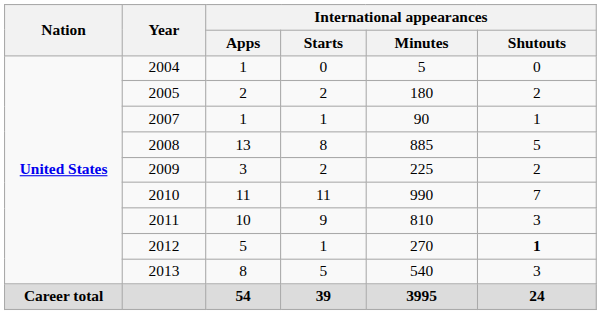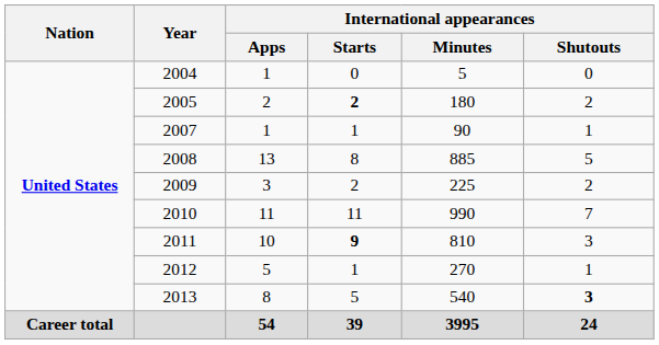 <table class="wikitable" style=font-size:90% text-align: center width=35%>
 <tr>
 <th rowspan=2 width=10%>Nation</th>
 <th rowspan=2 width=7%>Year</th>
 <th colspan=4 width=30%>International appearances</th>
 </tr>
 <tr>
 <th align=center>Apps</th>
 <th align=center>Starts</th>
 <th align=center>Minutes</th>
 <th align=center>Shutouts</th>
 </tr>
 <tr>
 <td rowspan=9 align=center><strong><a href='#'>United States</a></strong></td>
 <td align=center>2004</td>
 <td align=center>1</td>
 <td align=center>0</td>
 <td align=center>5</td>
 <td align=center>0</td>
 </tr>
 <tr>
 <td align=center>2005</td>
 <td align=center>2</td>
-<td align=center>2</td>
+<td align=center><strong>2</strong></td>
 <td align=center>180</td>
 <td align=center>2</td>
 </tr>
 <tr>
 <td align=center>2007</td>
 <td align=center>1</td>
 <td align=center>1</td>
 <td align=center>90</td>
 <td align=center>1</td>
 </tr>
 <tr>
 <td align=center>2008</td>
 <td align=center>13</td>
 <td align=center>8</td>
 <td align=center>885</td>
 <td align=center>5</td>
 </tr>
 <tr>
 <td align=center>2009</td>
 <td align=center>3</td>
 <td align=center>2</td>
 <td align=center>225</td>
 <td align=center>2</td>
 </tr>
 <tr>
 <td align=center>2010</td>
 <td align=center>11</td>
 <td align=center>11</td>
 <td align=center>990</td>
 <td align=center>7</td>
 </tr>
 <tr>
 <td align=center>2011</td>
 <td align=center>10</td>
-<td align=center>9</td>
+<td align=center><strong>9</strong></td>
 <td align=center>810</td>
 <td align=center>3</td>
 </tr>
 <tr>
 <td align=center>2012</td>
 <td align=center>5</td>
 <td align=center>1</td>
 <td align=center>270</td>
-<td align=center><strong>1</strong></td>
+<td align=center>1</td>
 </tr>
 <tr>
 <td align=center>2013</td>
 <td align=center>8</td>
 <td align=center>5</td>
 <td align=center>540</td>
-<td align=center>3</td>
+<td align=center><strong>3</strong></td>
 </tr>
 <tr>
 <th style="background: #DCDCDC" align=center>Career total</th>
 <th style="background: #DCDCDC" align=center></th>
 <th style="background: #DCDCDC" align=center>54</th>
 <th style="background: #DCDCDC" align=center>39</th>
 <th style="background: #DCDCDC" align=center>3995</th>
 <th style="background: #DCDCDC" align=center>24</th>
 </tr>
 </table>
